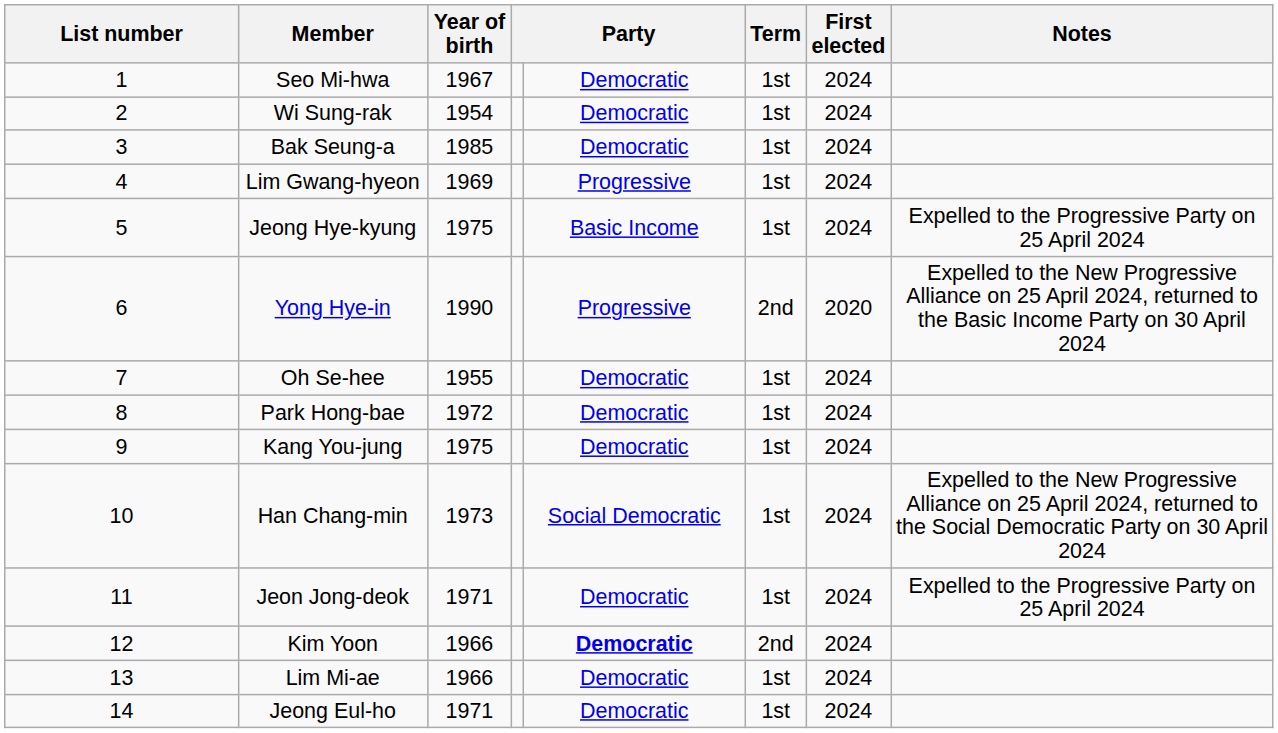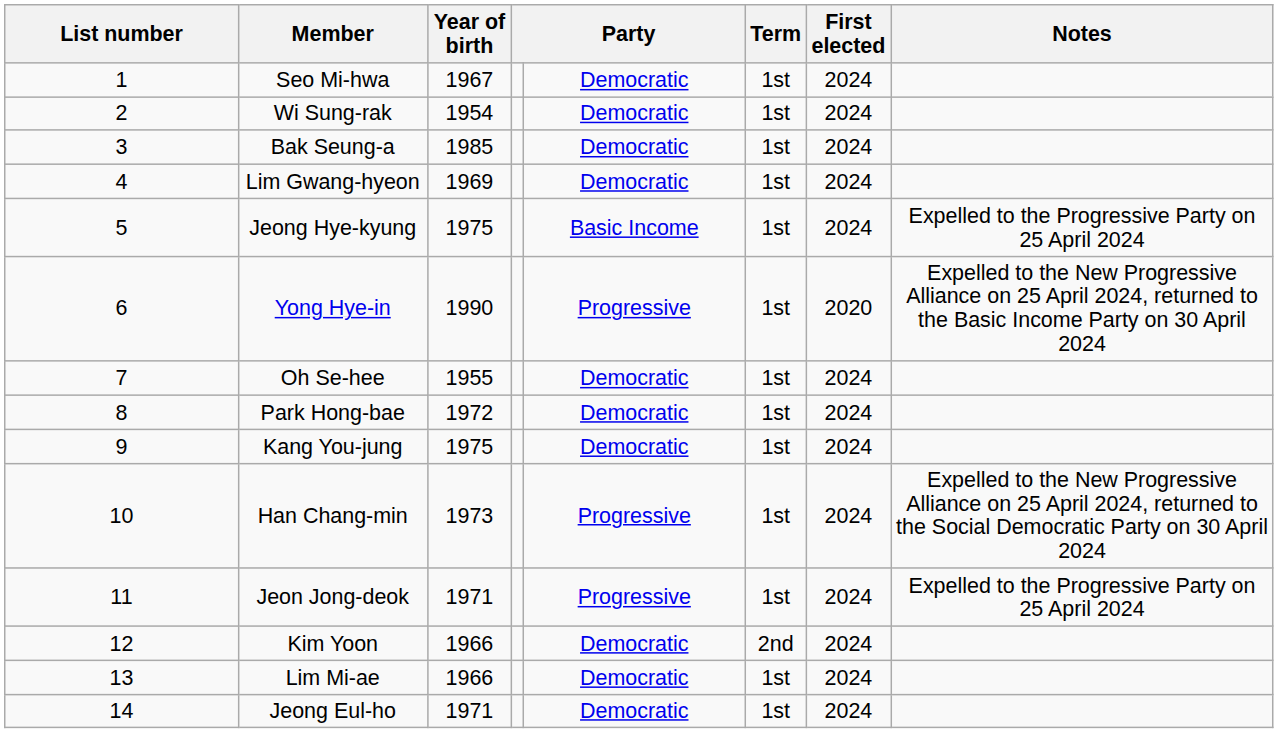 <table class="wikitable sortable" style="font-size:90%; text-align:center">
 <tr>
 <th scope="col" style="width:150px;">List number</th>
 <th scope="col" style="width:120px;">Member</th>
 <th scope="col" style="width:50px;">Year of birth</th>
 <th colspan="2" scope="col" style="width:150px;">Party</th>
 <th scope="col" style="width:20px;">Term</th>
 <th scope="col" style="width:50px;">First elected</th>
 <th scope="col" style="width:250px;" class="unsortable">Notes</th>
 </tr>
 <tr>
 <td>1</td>
 <td>Seo Mi-hwa</td>
 <td>1967</td>
 <td scope="row" width="1" style="background-color:"></td>
 <td><a href='#'>Democratic</a></td>
 <td>1st</td>
 <td>2024</td>
 </tr>
 <tr>
 <td>2</td>
 <td>Wi Sung-rak</td>
 <td>1954</td>
 <td scope="row" width="1" style="background-color:"></td>
 <td><a href='#'>Democratic</a></td>
 <td>1st</td>
 <td>2024</td>
 <td></td>
 </tr>
 <tr>
 <td>3</td>
 <td>Bak Seung-a</td>
 <td>1985</td>
 <td scope="row" width="1" style="background-color:"></td>
 <td><a href='#'>Democratic</a></td>
 <td>1st</td>
 <td>2024</td>
 <td></td>
 </tr>
 <tr>
 <td>4</td>
 <td>Lim Gwang-hyeon</td>
 <td>1969</td>
 <td scope="row" width="1" style="background-color:"></td>
-<td><a href='#'>Progressive</a></td>
+<td><a href='#'>Democratic</a></td>
 <td>1st</td>
 <td>2024</td>
 <td></td>
 </tr>
 <tr>
 <td>5</td>
 <td>Jeong Hye-kyung</td>
 <td>1975</td>
 <td scope="row" style="background-color:"></td>
 <td><a href='#'>Basic Income</a></td>
 <td>1st</td>
 <td>2024</td>
 <td>Expelled to the Progressive Party on 25 April 2024</td>
 </tr>
 <tr>
 <td>6</td>
 <td><a href='#'>Yong Hye-in</a></td>
 <td>1990</td>
 <td scope="row" style="background-color:"></td>
 <td><a href='#'>Progressive</a></td>
-<td>2nd</td>
+<td>1st</td>
 <td>2020</td>
 <td>Expelled to the New Progressive Alliance on 25 April 2024, returned to the Basic Income Party on 30 April 2024</td>
 </tr>
 <tr>
 <td>7</td>
 <td>Oh Se-hee</td>
 <td>1955</td>
 <td scope="row" width="1" style="background-color:"></td>
 <td><a href='#'>Democratic</a></td>
 <td>1st</td>
 <td>2024</td>
 <td></td>
 </tr>
 <tr>
 <td>8</td>
 <td>Park Hong-bae</td>
 <td>1972</td>
 <td scope="row" width="1" style="background-color:"></td>
 <td><a href='#'>Democratic</a></td>
 <td>1st</td>
 <td>2024</td>
 <td></td>
 </tr>
 <tr>
 <td>9</td>
 <td>Kang You-jung</td>
 <td>1975</td>
 <td scope="row" width="1" style="background-color:"></td>
 <td><a href='#'>Democratic</a></td>
 <td>1st</td>
 <td>2024</td>
 <td></td>
 </tr>
 <tr>
 <td>10</td>
 <td>Han Chang-min</td>
 <td>1973</td>
 <td scope="row" style="background-color:"></td>
-<td><a href='#'>Social Democratic</a></td>
+<td><a href='#'>Progressive</a></td>
 <td>1st</td>
 <td>2024</td>
 <td>Expelled to the New Progressive Alliance on 25 April 2024, returned to the Social Democratic Party on 30 April 2024</td>
 </tr>
 <tr>
 <td>11</td>
 <td>Jeon Jong-deok</td>
 <td>1971</td>
 <td scope="row" style="background-color:"></td>
-<td><a href='#'>Democratic</a></td>
+<td><a href='#'>Progressive</a></td>
 <td>1st</td>
 <td>2024</td>
 <td>Expelled to the Progressive Party on 25 April 2024</td>
 </tr>
 <tr>
 <td>12</td>
 <td>Kim Yoon</td>
 <td>1966</td>
 <td scope="row" width="1" style="background-color:"></td>
-<td><strong><a href='#'>Democratic</a></strong></td>
+<td><a href='#'>Democratic</a></td>
 <td>2nd</td>
 <td>2024</td>
 <td></td>
 </tr>
 <tr>
 <td>13</td>
 <td>Lim Mi-ae</td>
 <td>1966</td>
 <td scope="row" width="1" style="background-color:"></td>
 <td><a href='#'>Democratic</a></td>
 <td>1st</td>
 <td>2024</td>
 <td></td>
 </tr>
 <tr>
 <td>14</td>
 <td>Jeong Eul-ho</td>
 <td>1971</td>
 <td scope="row" width="1" style="background-color:"></td>
 <td><a href='#'>Democratic</a></td>
 <td>1st</td>
 <td>2024</td>
 <td></td>
 </tr>
 </table>
